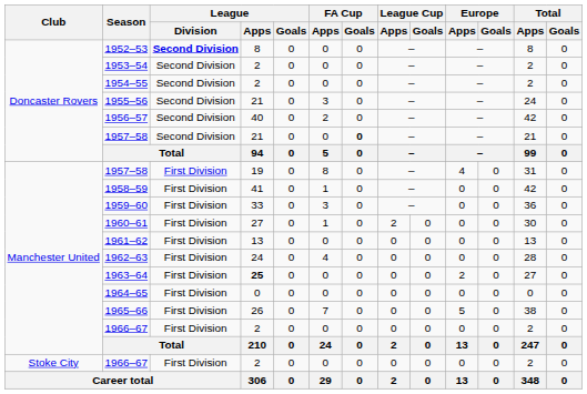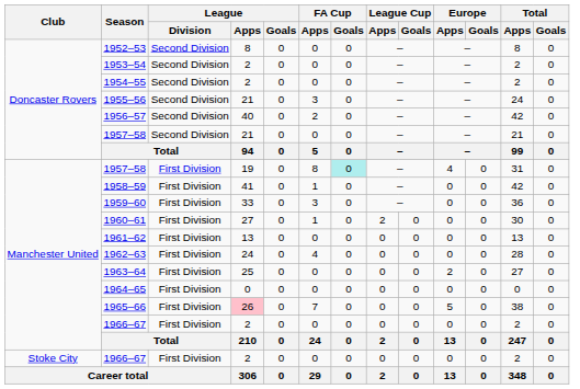 <table class="wikitable" style="text-align:center">
 <tr>
 <th rowspan="2">Club</th>
 <th rowspan="2">Season</th>
 <th colspan="3">League</th>
 <th colspan="2">FA Cup</th>
 <th colspan="2">League Cup</th>
 <th colspan="2">Europe</th>
 <th colspan="2">Total</th>
 </tr>
 <tr>
 <th>Division</th>
 <th>Apps</th>
 <th>Goals</th>
 <th>Apps</th>
 <th>Goals</th>
 <th>Apps</th>
 <th>Goals</th>
 <th>Apps</th>
 <th>Goals</th>
 <th>Apps</th>
 <th>Goals</th>
 </tr>
 <tr>
 <td rowspan="7"><a href='#'>Doncaster Rovers</a></td>
 <td><a href='#'>1952–53</a></td>
-<td><strong><a href='#'>Second Division</a></strong></td>
+<td><a href='#'>Second Division</a></td>
 <td>8</td>
 <td>0</td>
 <td>0</td>
 <td>0</td>
 <td colspan="2">–</td>
 <td colspan="2">–</td>
 <td>8</td>
 <td>0</td>
 </tr>
 <tr>
 <td><a href='#'>1953–54</a></td>
 <td>Second Division</td>
 <td>2</td>
 <td>0</td>
 <td>0</td>
 <td>0</td>
 <td colspan="2">–</td>
 <td colspan="2">–</td>
 <td>2</td>
 <td>0</td>
 </tr>
 <tr>
 <td><a href='#'>1954–55</a></td>
 <td>Second Division</td>
 <td>2</td>
 <td>0</td>
 <td>0</td>
 <td>0</td>
 <td colspan="2">–</td>
 <td colspan="2">–</td>
 <td>2</td>
 <td>0</td>
 </tr>
 <tr>
 <td><a href='#'>1955–56</a></td>
 <td>Second Division</td>
 <td>21</td>
 <td>0</td>
 <td>3</td>
 <td>0</td>
 <td colspan="2">–</td>
 <td colspan="2">–</td>
 <td>24</td>
 <td>0</td>
 </tr>
 <tr>
 <td><a href='#'>1956–57</a></td>
 <td>Second Division</td>
 <td>40</td>
 <td>0</td>
 <td>2</td>
 <td>0</td>
 <td colspan="2">–</td>
 <td colspan="2">–</td>
 <td>42</td>
 <td>0</td>
 </tr>
 <tr>
 <td><a href='#'>1957–58</a></td>
 <td>Second Division</td>
 <td>21</td>
 <td>0</td>
 <td>0</td>
-<td><strong>0</strong></td>
+<td>0</td>
 <td colspan="2">–</td>
 <td colspan="2">–</td>
 <td>21</td>
 <td>0</td>
 </tr>
 <tr>
 <th colspan="2">Total</th>
 <th>94</th>
 <th>0</th>
 <th>5</th>
 <th>0</th>
 <th colspan="2">–</th>
 <th colspan="2">–</th>
 <th>99</th>
 <th>0</th>
 </tr>
 <tr>
 <td rowspan="11"><a href='#'>Manchester United</a></td>
 <td><a href='#'>1957–58</a></td>
 <td><a href='#'>First Division</a></td>
 <td>19</td>
 <td>0</td>
 <td>8</td>
-<td>0</td>
+<td style="background: paleturquoise;">0</td>
 <td colspan="2">–</td>
 <td>4</td>
 <td>0</td>
 <td>31</td>
 <td>0</td>
 </tr>
 <tr>
 <td><a href='#'>1958–59</a></td>
 <td>First Division</td>
 <td>41</td>
 <td>0</td>
 <td>1</td>
 <td>0</td>
 <td colspan="2">–</td>
 <td>0</td>
 <td>0</td>
 <td>42</td>
 <td>0</td>
 </tr>
 <tr>
 <td><a href='#'>1959–60</a></td>
 <td>First Division</td>
 <td>33</td>
 <td>0</td>
 <td>3</td>
 <td>0</td>
 <td colspan="2">–</td>
 <td>0</td>
 <td>0</td>
 <td>36</td>
 <td>0</td>
 </tr>
 <tr>
 <td><a href='#'>1960–61</a></td>
 <td>First Division</td>
 <td>27</td>
 <td>0</td>
 <td>1</td>
 <td>0</td>
 <td>2</td>
 <td>0</td>
 <td>0</td>
 <td>0</td>
 <td>30</td>
 <td>0</td>
 </tr>
 <tr>
 <td><a href='#'>1961–62</a></td>
 <td>First Division</td>
 <td>13</td>
 <td>0</td>
 <td>0</td>
 <td>0</td>
 <td>0</td>
 <td>0</td>
 <td>0</td>
 <td>0</td>
 <td>13</td>
 <td>0</td>
 </tr>
 <tr>
 <td><a href='#'>1962–63</a></td>
 <td>First Division</td>
 <td>24</td>
 <td>0</td>
 <td>4</td>
 <td>0</td>
 <td>0</td>
 <td>0</td>
 <td>0</td>
 <td>0</td>
 <td>28</td>
 <td>0</td>
 </tr>
 <tr>
 <td><a href='#'>1963–64</a></td>
 <td>First Division</td>
-<td><strong>25</strong></td>
+<td>25</td>
 <td>0</td>
 <td>0</td>
 <td>0</td>
 <td>0</td>
 <td>0</td>
 <td>2</td>
 <td>0</td>
 <td>27</td>
 <td>0</td>
 </tr>
 <tr>
 <td><a href='#'>1964–65</a></td>
 <td>First Division</td>
 <td>0</td>
 <td>0</td>
 <td>0</td>
 <td>0</td>
 <td>0</td>
 <td>0</td>
 <td>0</td>
 <td>0</td>
 <td>0</td>
 <td>0</td>
 </tr>
 <tr>
 <td><a href='#'>1965–66</a></td>
 <td>First Division</td>
-<td>26</td>
+<td style="background: pink;">26</td>
 <td>0</td>
 <td>7</td>
 <td>0</td>
 <td>0</td>
 <td>0</td>
 <td>5</td>
 <td>0</td>
 <td>38</td>
 <td>0</td>
 </tr>
 <tr>
 <td><a href='#'>1966–67</a></td>
 <td>First Division</td>
 <td>2</td>
 <td>0</td>
 <td>0</td>
 <td>0</td>
 <td>0</td>
 <td>0</td>
 <td>0</td>
 <td>0</td>
 <td>2</td>
 <td>0</td>
 </tr>
 <tr>
 <th colspan="2">Total</th>
 <th>210</th>
 <th>0</th>
 <th>24</th>
 <th>0</th>
 <th>2</th>
 <th>0</th>
 <th>13</th>
 <th>0</th>
 <th>247</th>
 <th>0</th>
 </tr>
 <tr>
 <td><a href='#'>Stoke City</a></td>
 <td><a href='#'>1966–67</a></td>
 <td>First Division</td>
 <td>2</td>
 <td>0</td>
 <td>0</td>
 <td>0</td>
 <td>0</td>
 <td>0</td>
 <td>0</td>
 <td>0</td>
 <td>2</td>
 <td>0</td>
 </tr>
 <tr>
 <th colspan="3">Career total</th>
 <th>306</th>
 <th>0</th>
 <th>29</th>
 <th>0</th>
 <th>2</th>
 <th>0</th>
 <th>13</th>
 <th>0</th>
 <th>348</th>
 <th>0</th>
 </tr>
 </table>
